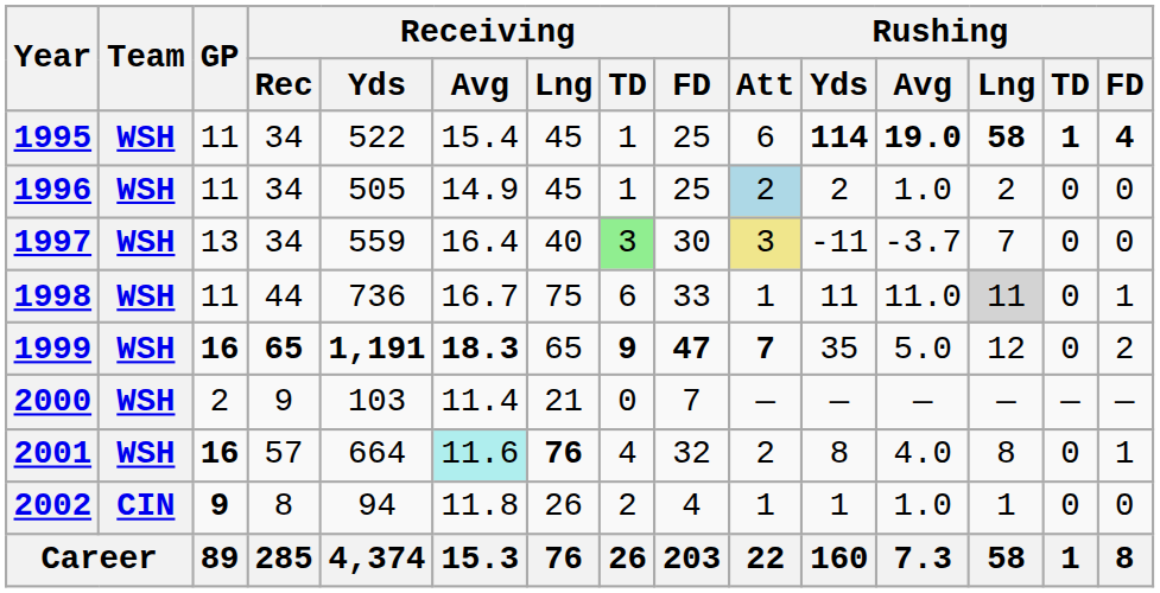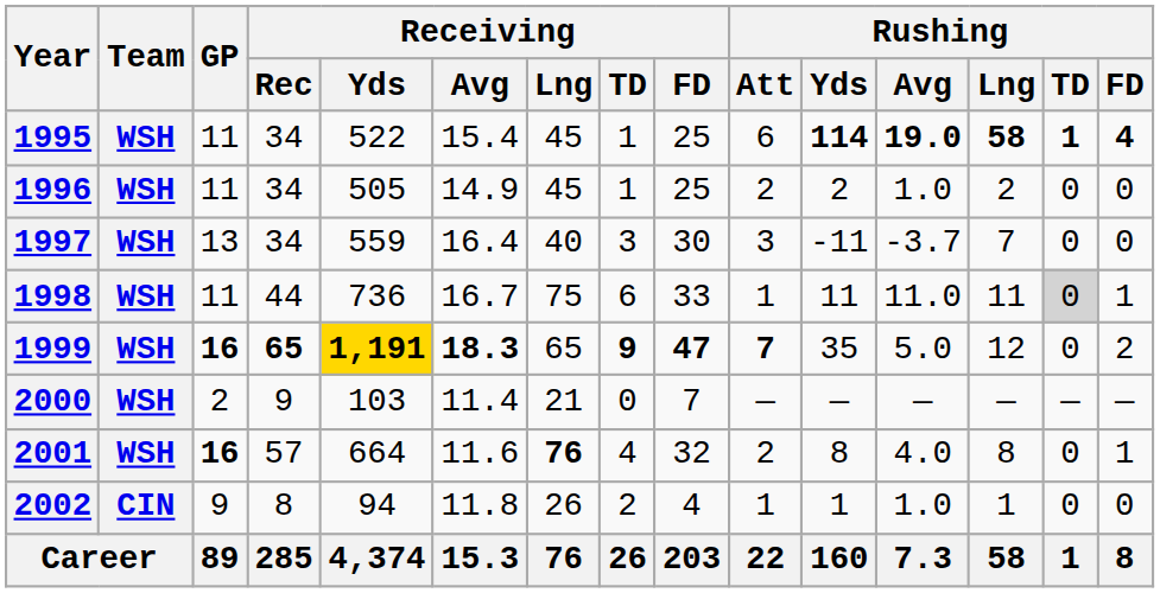 <table class="wikitable" style="text-align:center;">
 <tr>
 <th rowspan="2">Year</th>
 <th rowspan="2">Team</th>
 <th rowspan="2">GP</th>
 <th colspan="6">Receiving</th>
 <th colspan="6">Rushing</th>
 </tr>
 <tr>
 <th>Rec</th>
 <th>Yds</th>
 <th>Avg</th>
 <th>Lng</th>
 <th>TD</th>
 <th>FD</th>
 <th>Att</th>
 <th>Yds</th>
 <th>Avg</th>
 <th>Lng</th>
 <th>TD</th>
 <th>FD</th>
 </tr>
 <tr>
 <th><a href='#'>1995</a></th>
 <th><a href='#'>WSH</a></th>
 <td>11</td>
 <td>34</td>
 <td>522</td>
 <td>15.4</td>
 <td>45</td>
 <td>1</td>
 <td>25</td>
 <td>6</td>
 <td><strong>114</strong></td>
 <td><strong>19.0</strong></td>
 <td><strong>58</strong></td>
 <td><strong>1</strong></td>
 <td><strong>4</strong></td>
 </tr>
 <tr>
 <th><a href='#'>1996</a></th>
 <th><a href='#'>WSH</a></th>
 <td>11</td>
 <td>34</td>
 <td>505</td>
 <td>14.9</td>
 <td>45</td>
 <td>1</td>
 <td>25</td>
-<td style="background: lightblue;">2</td>
+<td>2</td>
 <td>2</td>
 <td>1.0</td>
 <td>2</td>
 <td>0</td>
 <td>0</td>
 </tr>
 <tr>
 <th><a href='#'>1997</a></th>
 <th><a href='#'>WSH</a></th>
 <td>13</td>
 <td>34</td>
 <td>559</td>
 <td>16.4</td>
 <td>40</td>
-<td style="background: lightgreen;">3</td>
+<td>3</td>
 <td>30</td>
-<td style="background: khaki;">3</td>
+<td>3</td>
 <td>-11</td>
 <td>-3.7</td>
 <td>7</td>
 <td>0</td>
 <td>0</td>
 </tr>
 <tr>
 <th><a href='#'>1998</a></th>
 <th><a href='#'>WSH</a></th>
 <td>11</td>
 <td>44</td>
 <td>736</td>
 <td>16.7</td>
 <td>75</td>
 <td>6</td>
 <td>33</td>
 <td>1</td>
 <td>11</td>
 <td>11.0</td>
-<td style="background: lightgrey;">11</td>
-<td>0</td>
+<td>11</td>
+<td style="background: lightgrey;">0</td>
 <td>1</td>
 </tr>
 <tr>
 <th><a href='#'>1999</a></th>
 <th><a href='#'>WSH</a></th>
 <td><strong>16</strong></td>
 <td><strong>65</strong></td>
-<td><strong>1,191</strong></td>
+<td style="background: gold;"><strong>1,191</strong></td>
 <td><strong>18.3</strong></td>
 <td>65</td>
 <td><strong>9</strong></td>
 <td><strong>47</strong></td>
 <td><strong>7</strong></td>
 <td>35</td>
 <td>5.0</td>
 <td>12</td>
 <td>0</td>
 <td>2</td>
 </tr>
 <tr>
 <th><a href='#'>2000</a></th>
 <th><a href='#'>WSH</a></th>
 <td>2</td>
 <td>9</td>
 <td>103</td>
 <td>11.4</td>
 <td>21</td>
 <td>0</td>
 <td>7</td>
 <td>—</td>
 <td>—</td>
 <td>—</td>
 <td>—</td>
 <td>—</td>
 <td>—</td>
 </tr>
 <tr>
 <th><a href='#'>2001</a></th>
 <th><a href='#'>WSH</a></th>
 <td><strong>16</strong></td>
 <td>57</td>
 <td>664</td>
-<td style="background: paleturquoise;">11.6</td>
+<td>11.6</td>
 <td><strong>76</strong></td>
 <td>4</td>
 <td>32</td>
 <td>2</td>
 <td>8</td>
 <td>4.0</td>
 <td>8</td>
 <td>0</td>
 <td>1</td>
 </tr>
 <tr>
 <th><a href='#'>2002</a></th>
 <th><a href='#'>CIN</a></th>
-<td><strong>9</strong></td>
+<td>9</td>
 <td>8</td>
 <td>94</td>
 <td>11.8</td>
 <td>26</td>
 <td>2</td>
 <td>4</td>
 <td>1</td>
 <td>1</td>
 <td>1.0</td>
 <td>1</td>
 <td>0</td>
 <td>0</td>
 </tr>
 <tr>
 <th colspan="2">Career</th>
 <th>89</th>
 <th>285</th>
 <th>4,374</th>
 <th>15.3</th>
 <th>76</th>
 <th>26</th>
 <th>203</th>
 <th>22</th>
 <th>160</th>
 <th>7.3</th>
 <th>58</th>
 <th>1</th>
 <th>8</th>
 </tr>
 </table>
